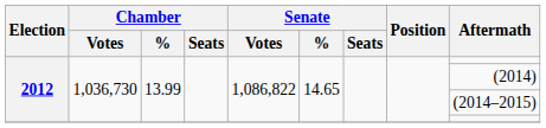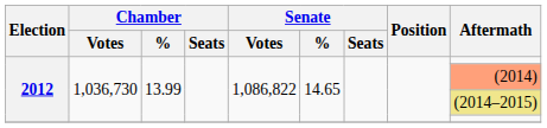 <table class="wikitable" style="text-align: right;">
 <tr>
 <th rowspan="2">Election</th>
 <th colspan="3"><a href='#'>Chamber</a></th>
 <th colspan="3"><a href='#'>Senate</a></th>
 <th rowspan="2">Position</th>
 <th rowspan="2">Aftermath</th>
 </tr>
 <tr>
 <th>Votes</th>
 <th>%</th>
 <th>Seats</th>
 <th>Votes</th>
 <th>%</th>
 <th>Seats</th>
 </tr>
 <tr>
 <th rowspan=4><a href='#'>2012</a></th>
 <td rowspan=4>1,036,730</td>
 <td rowspan=4>13.99</td>
 <td rowspan=4></td>
 <td rowspan=4>1,086,822</td>
 <td rowspan=4>14.65</td>
 <td rowspan=4></td>
 <td rowspan=4; style="text-align: center;"></td>
 <td></td>
 </tr>
 <tr>
-<td> (2014)</td>
+<td style="background: lightsalmon;"> (2014)</td>
 </tr>
 <tr>
-<td> (2014–2015)</td>
+<td style="background: khaki;"> (2014–2015)</td>
 </tr>
 <tr>
 <td></td>
 </tr>
 <tr>
 </tr>
 </table>
